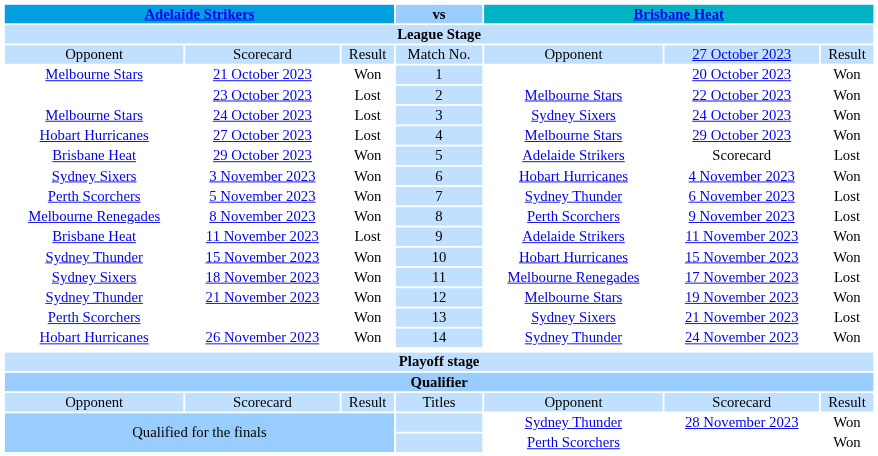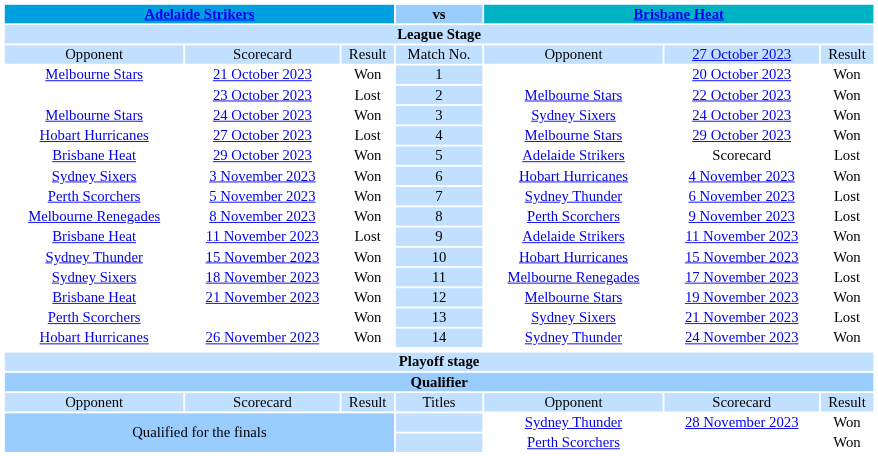 <table style="width:75%;text-align:center">
 <tr style="vertical-align:top;background:#99CCFF">
 <td colspan="3" style="background:#009FDF"><strong><a href='#'>Adelaide Strikers</a></strong></td>
 <th>vs</th>
 <th colspan="3" style="background:#00B3C4"><a href='#'>Brisbane Heat</a></th>
 </tr>
 <tr style="vertical-align:top;background:#C1E0FF">
 <td colspan="7"><strong>League Stage</strong></td>
 </tr>
 <tr style="vertical-align:top;background:#C1E0FF">
 <td>Opponent</td>
 <td>Scorecard</td>
 <td>Result</td>
 <td>Match No.</td>
 <td>Opponent</td>
 <td><a href='#'>27 October 2023</a></td>
 <td>Result</td>
 </tr>
 <tr>
 <td style="text-align:center"><a href='#'>Melbourne Stars</a></td>
 <td><a href='#'>21 October 2023</a></td>
 <td>Won</td>
 <td style="background:#C1E0FF">1</td>
 <td style="text-align:center"></td>
 <td><a href='#'>20 October 2023</a></td>
 <td>Won</td>
 </tr>
 <tr>
 <td style="text-align:center"></td>
 <td><a href='#'>23 October 2023</a></td>
 <td>Lost</td>
 <td style="background:#C1E0FF">2</td>
 <td style="text-align:center"><a href='#'>Melbourne Stars</a></td>
 <td><a href='#'>22 October 2023</a></td>
 <td>Won</td>
 </tr>
 <tr>
 <td style="text-align:center"><a href='#'>Melbourne Stars</a></td>
 <td><a href='#'>24 October 2023</a></td>
-<td>Lost</td>
+<td>Won</td>
 <td style="background:#C1E0FF">3</td>
 <td style="text-align:center"><a href='#'>Sydney Sixers</a></td>
 <td><a href='#'>24 October 2023</a></td>
 <td>Won</td>
 </tr>
 <tr>
 <td style="text-align:center"><a href='#'>Hobart Hurricanes</a></td>
 <td><a href='#'>27 October 2023</a></td>
 <td>Lost</td>
 <td style="background:#C1E0FF">4</td>
 <td style="text-align:center"><a href='#'>Melbourne Stars</a></td>
 <td><a href='#'>29 October 2023</a></td>
 <td>Won</td>
 </tr>
 <tr>
 <td style="text-align:center"><a href='#'>Brisbane Heat</a></td>
 <td><a href='#'>29 October 2023</a></td>
 <td>Won</td>
 <td style="background:#C1E0FF">5</td>
 <td style="text-align:center"><a href='#'>Adelaide Strikers</a></td>
 <td>Scorecard</td>
 <td>Lost</td>
 </tr>
 <tr>
 <td style="text-align:center"><a href='#'>Sydney Sixers</a></td>
 <td><a href='#'>3 November 2023</a></td>
 <td>Won</td>
 <td style="background:#C1E0FF">6</td>
 <td style="text-align:center"><a href='#'>Hobart Hurricanes</a></td>
 <td><a href='#'>4 November 2023</a></td>
 <td>Won</td>
 </tr>
 <tr>
 <td style="text-align:center"><a href='#'>Perth Scorchers</a></td>
 <td><a href='#'>5 November 2023</a></td>
 <td>Won</td>
 <td style="background:#C1E0FF">7</td>
 <td style="text-align:center"><a href='#'>Sydney Thunder</a></td>
 <td><a href='#'>6 November 2023</a></td>
 <td>Lost</td>
 </tr>
 <tr>
 <td style="text-align:center"><a href='#'>Melbourne Renegades</a></td>
 <td><a href='#'>8 November 2023</a></td>
 <td>Won</td>
 <td style="background:#C1E0FF">8</td>
 <td style="text-align:center"><a href='#'>Perth Scorchers</a></td>
 <td><a href='#'>9 November 2023</a></td>
 <td>Lost</td>
 </tr>
 <tr>
 <td style="text-align:center"><a href='#'>Brisbane Heat</a></td>
 <td><a href='#'>11 November 2023</a></td>
 <td>Lost</td>
 <td style="background:#C1E0FF">9</td>
 <td style="text-align:center"><a href='#'>Adelaide Strikers</a></td>
 <td><a href='#'>11 November 2023</a></td>
 <td>Won</td>
 </tr>
 <tr>
 <td style="text-align:center"><a href='#'>Sydney Thunder</a></td>
 <td><a href='#'>15 November 2023</a></td>
 <td>Won</td>
 <td style="background:#C1E0FF">10</td>
 <td style="text-align:center"><a href='#'>Hobart Hurricanes</a></td>
 <td><a href='#'>15 November 2023</a></td>
 <td>Won</td>
 </tr>
 <tr>
 <td style="text-align:center"><a href='#'>Sydney Sixers</a></td>
 <td><a href='#'>18 November 2023</a></td>
 <td>Won</td>
 <td style="background:#C1E0FF">11</td>
 <td style="text-align:center"><a href='#'>Melbourne Renegades</a></td>
 <td><a href='#'>17 November 2023</a></td>
 <td>Lost</td>
 </tr>
 <tr>
-<td style="text-align:center"><a href='#'>Sydney Thunder</a></td>
+<td style="text-align:center"><a href='#'>Brisbane Heat</a></td>
 <td><a href='#'>21 November 2023</a></td>
 <td>Won</td>
 <td style="background:#C1E0FF">12</td>
 <td style="text-align:center"><a href='#'>Melbourne Stars</a></td>
 <td><a href='#'>19 November 2023</a></td>
 <td>Won</td>
 </tr>
 <tr>
 <td style="text-align:center"><a href='#'>Perth Scorchers</a></td>
 <td></td>
 <td>Won</td>
 <td style="background:#C1E0FF">13</td>
 <td style="text-align:center"><a href='#'>Sydney Sixers</a></td>
 <td><a href='#'>21 November 2023</a></td>
 <td>Lost</td>
 </tr>
 <tr>
 <td style="text-align:center"><a href='#'>Hobart Hurricanes</a></td>
 <td><a href='#'>26 November 2023</a></td>
 <td>Won</td>
 <td style="background:#C1E0FF">14</td>
 <td style="text-align:center"><a href='#'>Sydney Thunder</a></td>
 <td><a href='#'>24 November 2023</a></td>
 <td>Won</td>
 </tr>
 <tr>
 <td style="text-align:left"></td>
 </tr>
 <tr style="vertical-align:top;background:#C1E0FF">
 <td colspan="7"><strong>Playoff stage</strong></td>
 </tr>
 <tr style="vertical-align:top;background:#99CCFF">
 <td colspan="7"><strong>Qualifier</strong></td>
 </tr>
 <tr style="vertical-align:top;background:#C1E0FF">
 <td>Opponent</td>
 <td>Scorecard</td>
 <td>Result</td>
 <td>Titles</td>
 <td>Opponent</td>
 <td>Scorecard</td>
 <td>Result</td>
 </tr>
 <tr>
 <td colspan="3" rowspan="2" style="text-align:center;background:#99CCFF">Qualified for the finals</td>
 <td style="background:#C1E0FF"></td>
 <td style="text-align:center"><a href='#'>Sydney Thunder</a></td>
 <td><a href='#'>28 November 2023</a></td>
 <td>Won</td>
 </tr>
 <tr>
 <td style="background:#C1E0FF"></td>
 <td style="text-align:center"><a href='#'>Perth Scorchers</a></td>
 <td></td>
 <td>Won</td>
 </tr>
 </table>
